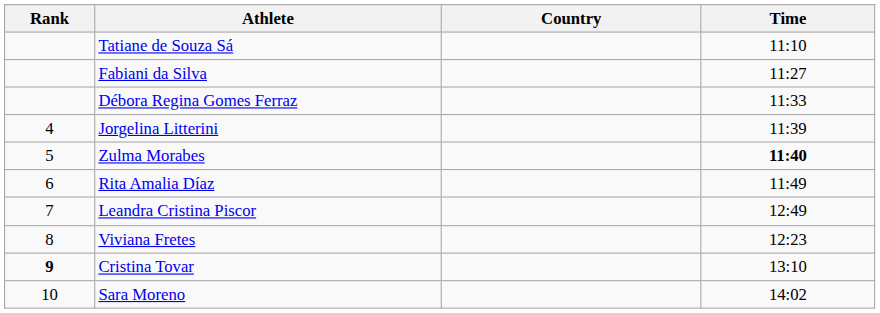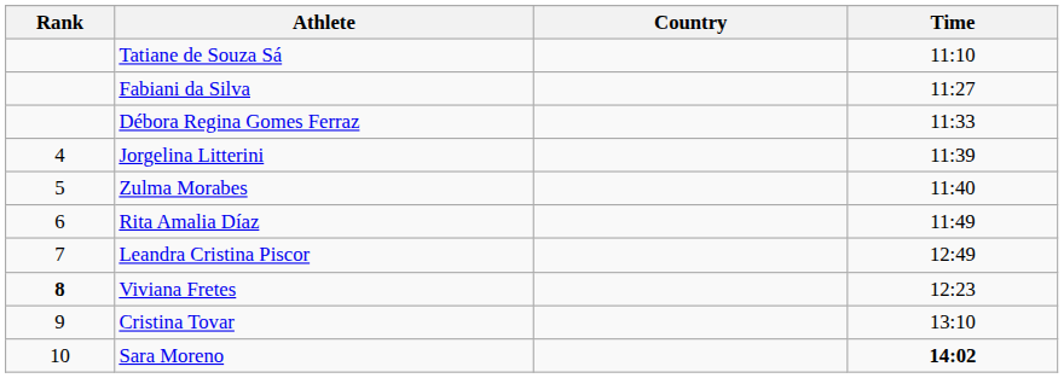 <table class="wikitable sortable" style=" text-align:center; font-size:95%;" width="50%">
 <tr>
 </tr>
 <tr>
 <th width=5%>Rank</th>
 <th width=20%>Athlete</th>
 <th width=15%>Country</th>
 <th width=10%>Time</th>
 </tr>
 <tr>
 <td align=center></td>
 <td align=left><a href='#'>Tatiane de Souza Sá</a></td>
 <td align=left></td>
 <td>11:10</td>
 </tr>
 <tr>
 <td align=center></td>
 <td align=left><a href='#'>Fabiani da Silva</a></td>
 <td align=left></td>
 <td>11:27</td>
 </tr>
 <tr>
 <td align=center></td>
 <td align=left><a href='#'>Débora Regina Gomes Ferraz</a></td>
 <td align=left></td>
 <td>11:33</td>
 </tr>
 <tr>
 <td align=center>4</td>
 <td align=left><a href='#'>Jorgelina Litterini</a></td>
 <td align=left></td>
 <td>11:39</td>
 </tr>
 <tr>
 <td align=center>5</td>
 <td align=left><a href='#'>Zulma Morabes</a></td>
 <td align=left></td>
-<td><strong>11:40</strong></td>
+<td>11:40</td>
 </tr>
 <tr>
 <td align=center>6</td>
 <td align=left><a href='#'>Rita Amalia Díaz</a></td>
 <td align=left></td>
 <td>11:49</td>
 </tr>
 <tr>
 <td align=center>7</td>
 <td align=left><a href='#'>Leandra Cristina Piscor</a></td>
 <td align=left></td>
 <td>12:49</td>
 </tr>
 <tr>
-<td align=center>8</td>
+<td align=center><strong>8</strong></td>
 <td align=left><a href='#'>Viviana Fretes</a></td>
 <td align=left></td>
 <td>12:23</td>
 </tr>
 <tr>
-<td align=center><strong>9</strong></td>
+<td align=center>9</td>
 <td align=left><a href='#'>Cristina Tovar</a></td>
 <td align=left></td>
 <td>13:10</td>
 </tr>
 <tr>
 <td align=center>10</td>
 <td align=left><a href='#'>Sara Moreno</a></td>
 <td align=left></td>
-<td>14:02</td>
+<td><strong>14:02</strong></td>
 </tr>
 </table>
